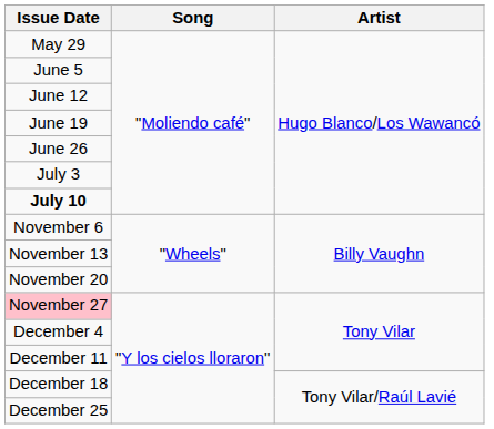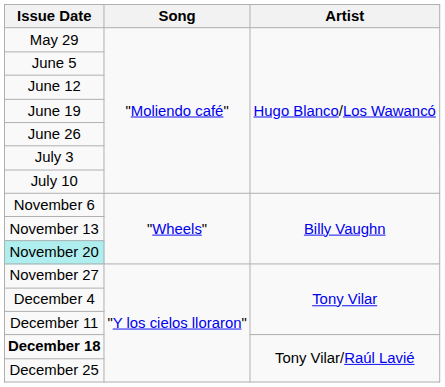 <table class="wikitable">
 <tr>
 <th>Issue Date</th>
 <th>Song</th>
 <th>Artist</th>
 </tr>
 <tr>
 <td align="center">May 29</td>
 <td align="center" rowspan="7">"<a href='#'>Moliendo café</a>"</td>
 <td align="center" rowspan="7"><a href='#'>Hugo Blanco</a>/<a href='#'>Los Wawancó</a></td>
 </tr>
 <tr>
 <td align="center">June 5</td>
 </tr>
 <tr>
 <td align="center">June 12</td>
 </tr>
 <tr>
 <td align="center">June 19</td>
 </tr>
 <tr>
 <td align="center">June 26</td>
 </tr>
 <tr>
 <td align="center">July 3</td>
 </tr>
 <tr>
-<td align="center"><strong>July 10</strong></td>
+<td align="center">July 10</td>
 </tr>
 <tr>
 <td align="center">November 6</td>
 <td align="center" rowspan="3">"<a href='#'>Wheels</a>"</td>
 <td align="center" rowspan="3"><a href='#'>Billy Vaughn</a></td>
 </tr>
 <tr>
 <td align="center">November 13</td>
 </tr>
 <tr>
-<td align="center">November 20</td>
+<td align="center" style="background: paleturquoise;">November 20</td>
 </tr>
 <tr>
-<td align="center" style="background: pink;">November 27</td>
+<td align="center">November 27</td>
 <td align="center" rowspan="5">"<a href='#'>Y los cielos lloraron</a>"</td>
 <td align="center" rowspan="3"><a href='#'>Tony Vilar</a></td>
 </tr>
 <tr>
 <td align="center">December 4</td>
 </tr>
 <tr>
 <td align="center">December 11</td>
 </tr>
 <tr>
-<td align="center">December 18</td>
+<td align="center"><strong>December 18</strong></td>
 <td align="center" rowspan="2">Tony Vilar/<a href='#'>Raúl Lavié</a></td>
 </tr>
 <tr>
 <td align="center">December 25</td>
 </tr>
 </table>
